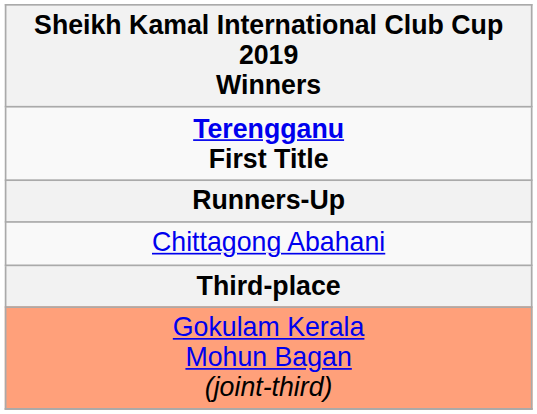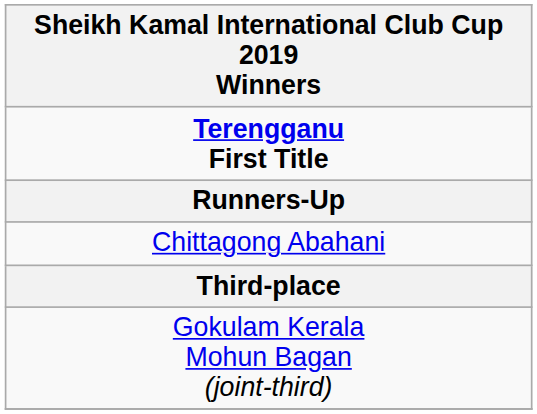 <table class="wikitable" style="text-align: center; margin: 0 auto; width: 20%">
 <tr>
 <th>Sheikh Kamal International Club Cup 2019<br>Winners</th>
 </tr>
 <tr>
 <td> <strong><a href='#'>Terengganu</a></strong><br><strong>First Title</strong></td>
 </tr>
 <tr>
 <th>Runners-Up</th>
 </tr>
 <tr>
 <td> <a href='#'>Chittagong Abahani</a></td>
 </tr>
 <tr>
 <th>Third-place</th>
 </tr>
 <tr>
-<td style="background: lightsalmon;"> <a href='#'>Gokulam Kerala</a> <br> <a href='#'>Mohun Bagan</a> <br><em>(joint-third)</em></td>
+<td> <a href='#'>Gokulam Kerala</a> <br> <a href='#'>Mohun Bagan</a> <br><em>(joint-third)</em></td>
 </tr>
 <tr>
 </tr>
 </table>
